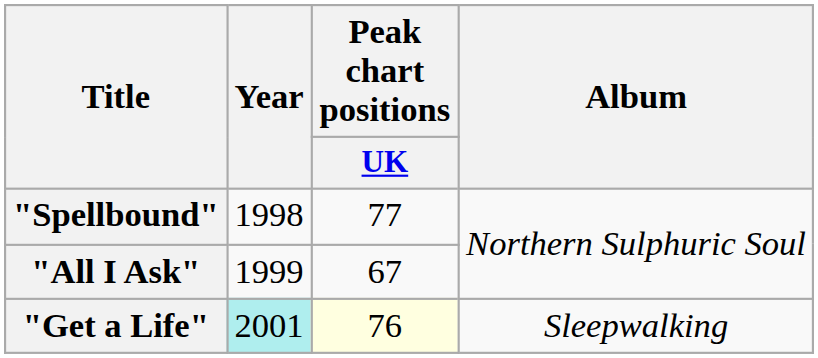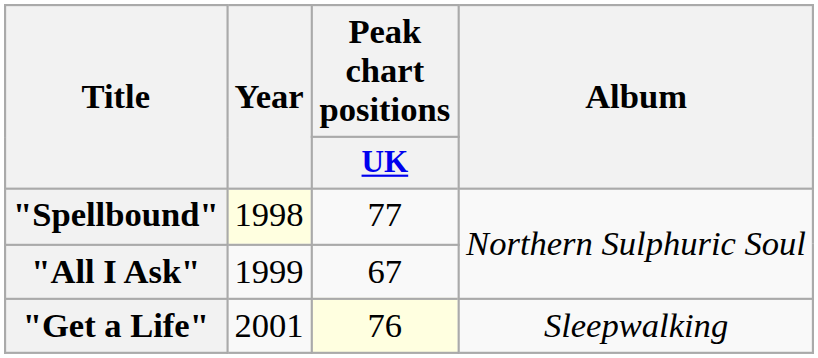 <table class="wikitable plainrowheaders" style="text-align:center;">
 <tr>
 <th scope="col" rowspan="2">Title</th>
 <th scope="col" rowspan="2">Year</th>
 <th scope="col" colspan="1">Peak chart positions</th>
 <th scope="col" rowspan="2">Album</th>
 </tr>
 <tr>
 <th scope="col" style="width:3em;font-size:90%;"><a href='#'>UK</a><br></th>
 </tr>
 <tr>
 <th scope="row">"Spellbound"<br></th>
-<td>1998</td>
+<td style="background: lightyellow;">1998</td>
 <td>77</td>
 <td rowspan="2"><em>Northern Sulphuric Soul</em></td>
 </tr>
 <tr>
 <th scope="row">"All I Ask"<br></th>
 <td>1999</td>
 <td>67</td>
 </tr>
 <tr>
 <th scope="row">"Get a Life"<br></th>
-<td style="background: paleturquoise;">2001</td>
+<td>2001</td>
 <td style="background: lightyellow;">76</td>
 <td><em>Sleepwalking</em></td>
 </tr>
 </table>
